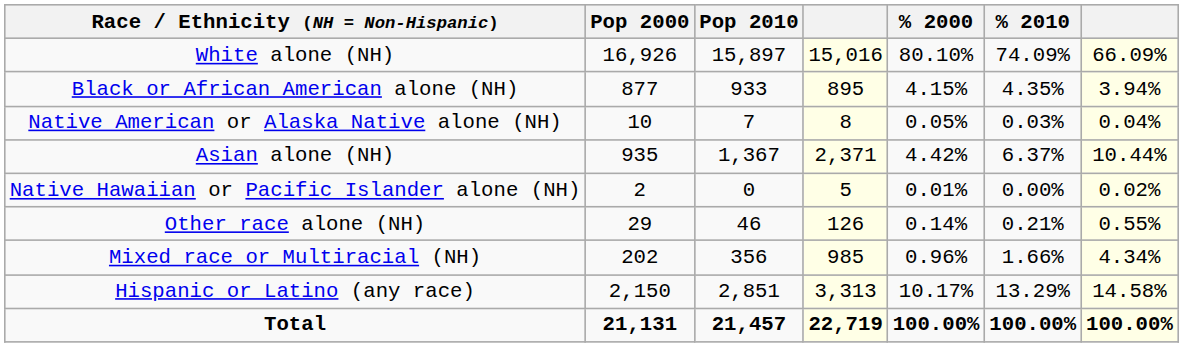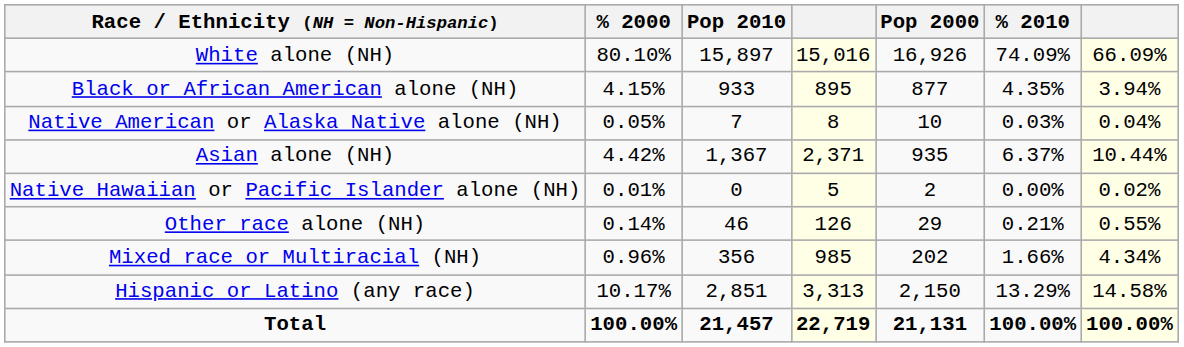 <table class="wikitable" style="text-align:center;">
 <tr>
 <th>Race / Ethnicity <small>(<em>NH = Non-Hispanic</em>)</small></th>
-<th>Pop 2000</th>
+<th>% 2000</th>
 <th>Pop 2010</th>
 <th></th>
-<th>% 2000</th>
+<th>Pop 2000</th>
 <th>% 2010</th>
 <th></th>
 </tr>
 <tr>
 <td><a href='#'>White</a> alone (NH)</td>
-<td>16,926</td>
+<td>80.10%</td>
 <td>15,897</td>
 <td style='background: #ffffe6;'>15,016</td>
-<td>80.10%</td>
+<td>16,926</td>
 <td>74.09%</td>
 <td style='background: #ffffe6;'>66.09%</td>
 </tr>
 <tr>
 <td><a href='#'>Black or African American</a> alone (NH)</td>
-<td>877</td>
+<td>4.15%</td>
 <td>933</td>
 <td style='background: #ffffe6;'>895</td>
-<td>4.15%</td>
+<td>877</td>
 <td>4.35%</td>
 <td style='background: #ffffe6;'>3.94%</td>
 </tr>
 <tr>
 <td><a href='#'>Native American</a> or <a href='#'>Alaska Native</a> alone (NH)</td>
-<td>10</td>
+<td>0.05%</td>
 <td>7</td>
 <td style='background: #ffffe6;'>8</td>
-<td>0.05%</td>
+<td>10</td>
 <td>0.03%</td>
 <td style='background: #ffffe6;'>0.04%</td>
 </tr>
 <tr>
 <td><a href='#'>Asian</a> alone (NH)</td>
-<td>935</td>
+<td>4.42%</td>
 <td>1,367</td>
 <td style='background: #ffffe6;'>2,371</td>
-<td>4.42%</td>
+<td>935</td>
 <td>6.37%</td>
 <td style='background: #ffffe6;'>10.44%</td>
 </tr>
 <tr>
 <td><a href='#'>Native Hawaiian</a> or <a href='#'>Pacific Islander</a> alone (NH)</td>
-<td>2</td>
+<td>0.01%</td>
 <td>0</td>
 <td style='background: #ffffe6;'>5</td>
-<td>0.01%</td>
+<td>2</td>
 <td>0.00%</td>
 <td style='background: #ffffe6;'>0.02%</td>
 </tr>
 <tr>
 <td><a href='#'>Other race</a> alone (NH)</td>
-<td>29</td>
+<td>0.14%</td>
 <td>46</td>
 <td style='background: #ffffe6;'>126</td>
-<td>0.14%</td>
+<td>29</td>
 <td>0.21%</td>
 <td style='background: #ffffe6;'>0.55%</td>
 </tr>
 <tr>
 <td><a href='#'>Mixed race or Multiracial</a> (NH)</td>
-<td>202</td>
+<td>0.96%</td>
 <td>356</td>
 <td style='background: #ffffe6;'>985</td>
-<td>0.96%</td>
+<td>202</td>
 <td>1.66%</td>
 <td style='background: #ffffe6;'>4.34%</td>
 </tr>
 <tr>
 <td><a href='#'>Hispanic or Latino</a> (any race)</td>
-<td>2,150</td>
+<td>10.17%</td>
 <td>2,851</td>
 <td style='background: #ffffe6;'>3,313</td>
-<td>10.17%</td>
+<td>2,150</td>
 <td>13.29%</td>
 <td style='background: #ffffe6;'>14.58%</td>
 </tr>
 <tr>
 <td><strong>Total</strong></td>
-<td><strong>21,131</strong></td>
+<td><strong>100.00%</strong></td>
 <td><strong>21,457</strong></td>
 <td style='background: #ffffe6;'><strong>22,719</strong></td>
-<td><strong>100.00%</strong></td>
+<td><strong>21,131</strong></td>
 <td><strong>100.00%</strong></td>
 <td style='background: #ffffe6;'><strong>100.00%</strong></td>
 </tr>
 </table>
